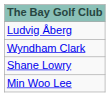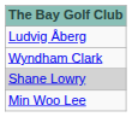 <table class="wikitable">
 <tr>
 <th Style="background:#8AC0B7;color:#274641">The Bay Golf Club</th>
 </tr>
 <tr>
 <td> <a href='#'>Ludvig Åberg</a></td>
 </tr>
 <tr>
 <td> <a href='#'>Wyndham Clark</a></td>
 </tr>
 <tr>
-<td> <a href='#'>Shane Lowry</a></td>
+<td style="background: lightgrey;"> <a href='#'>Shane Lowry</a></td>
 </tr>
 <tr>
 <td> <a href='#'>Min Woo Lee</a></td>
 </tr>
 </table>
